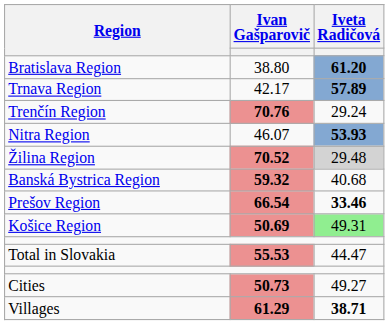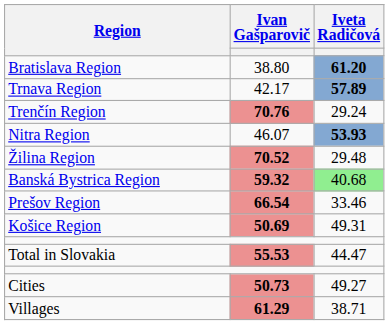 <table class="wikitable sortable" style="text-align:center;font-size:90%;line-height:14px">
 <tr style="height:40px;">
 <th style="width:200px;" rowspan="2"><a href='#'>Region</a></th>
 <th style="width:40px;"><a href='#'>Ivan Gašparovič</a></th>
 <th style="width:40px;"><a href='#'>Iveta Radičová</a></th>
 </tr>
 <tr>
 <th style="background:"></th>
 <th style="background:"></th>
 </tr>
 <tr>
 <td align="left"><a href='#'>Bratislava Region</a></td>
 <td>38.80</td>
 <td style="background:#83a8d2;"><strong>61.20</strong></td>
 </tr>
 <tr>
 <td align="left"><a href='#'>Trnava Region</a></td>
 <td>42.17</td>
 <td style="background:#83a8d2;"><strong>57.89</strong></td>
 </tr>
 <tr>
 <td align="left"><a href='#'>Trenčín Region</a></td>
 <td style="background:#ec9191;"><strong>70.76</strong></td>
 <td>29.24</td>
 </tr>
 <tr>
 <td align="left"><a href='#'>Nitra Region</a></td>
 <td>46.07</td>
 <td style="background:#83a8d2;"><strong>53.93</strong></td>
 </tr>
 <tr>
 <td align="left"><a href='#'>Žilina Region</a></td>
 <td style="background:#ec9191"><strong>70.52</strong></td>
-<td style="background: lightgrey;">29.48</td>
+<td>29.48</td>
 </tr>
 <tr>
 <td align="left"><a href='#'>Banská Bystrica Region</a></td>
 <td style="background:#ec9191;"><strong>59.32</strong></td>
-<td>40.68</td>
+<td style="background: lightgreen;">40.68</td>
 </tr>
 <tr>
 <td align="left"><a href='#'>Prešov Region</a></td>
 <td style="background:#ec9191;"><strong>66.54</strong></td>
-<td><strong>33.46</strong></td>
+<td>33.46</td>
 </tr>
 <tr>
 <td align="left"><a href='#'>Košice Region</a></td>
 <td style="background:#ec9191;"><strong>50.69</strong></td>
-<td style="background: lightgreen;">49.31</td>
+<td>49.31</td>
 </tr>
 <tr>
 <td colspan=10></td>
 </tr>
 <tr>
 <td align="left">Total in Slovakia</td>
 <td style="background:#ec9191;"><strong>55.53</strong></td>
 <td>44.47</td>
 </tr>
 <tr>
 <td colspan=10></td>
 </tr>
 <tr>
 <td align="left">Cities</td>
 <td style="background:#ec9191;"><strong>50.73</strong></td>
 <td>49.27</td>
 </tr>
 <tr>
 <td align="left">Villages</td>
 <td style="background:#ec9191;"><strong>61.29</strong></td>
-<td><strong>38.71</strong></td>
+<td>38.71</td>
 </tr>
 </table>
